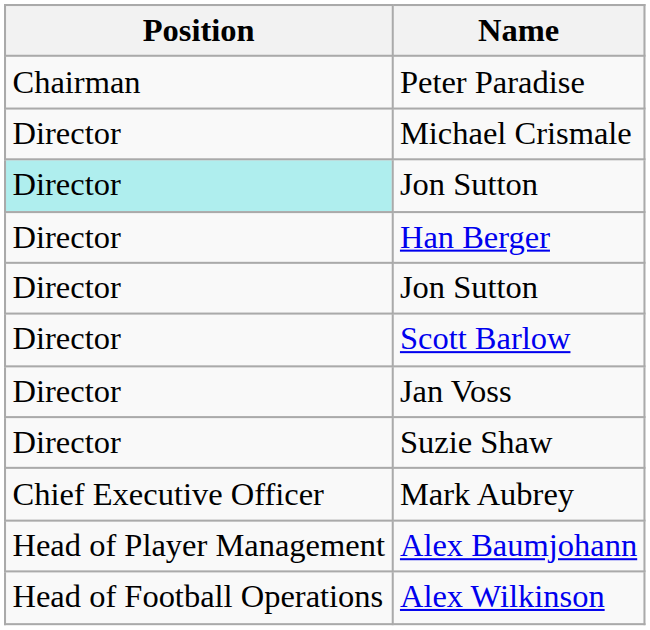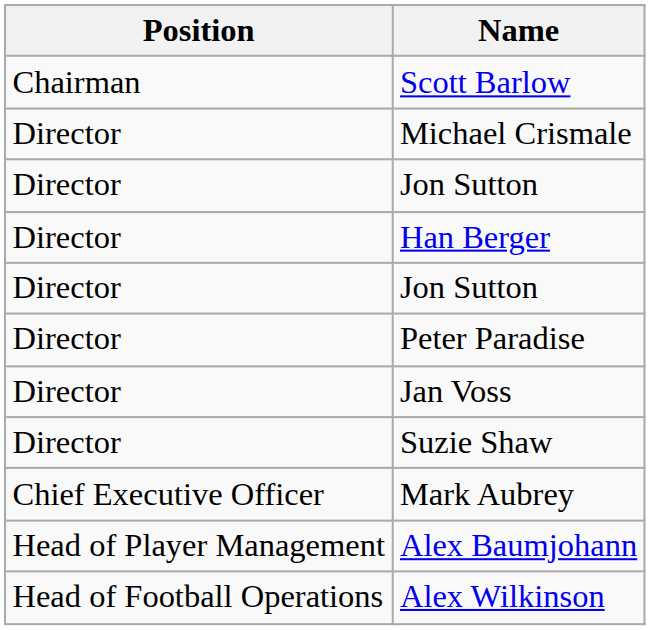 <table class="wikitable">
 <tr>
 <th>Position</th>
 <th>Name</th>
 </tr>
 <tr>
 <td>Chairman</td>
-<td>Peter Paradise</td>
+<td><a href='#'>Scott Barlow</a></td>
 </tr>
 <tr>
 <td>Director</td>
 <td>Michael Crismale</td>
 </tr>
 <tr>
-<td style="background: paleturquoise;">Director</td>
+<td>Director</td>
 <td>Jon Sutton</td>
 </tr>
 <tr>
 <td>Director</td>
 <td><a href='#'>Han Berger</a></td>
 </tr>
 <tr>
 <td>Director</td>
 <td>Jon Sutton</td>
 </tr>
 <tr>
 <td>Director</td>
-<td><a href='#'>Scott Barlow</a></td>
+<td>Peter Paradise</td>
 </tr>
 <tr>
 <td>Director</td>
 <td>Jan Voss</td>
 </tr>
 <tr>
 <td>Director</td>
 <td>Suzie Shaw</td>
 </tr>
 <tr>
 <td>Chief Executive Officer</td>
 <td>Mark Aubrey</td>
 </tr>
 <tr>
 <td>Head of Player Management</td>
 <td><a href='#'>Alex Baumjohann</a></td>
 </tr>
 <tr>
 <td>Head of Football Operations</td>
 <td><a href='#'>Alex Wilkinson</a></td>
 </tr>
 </table>
